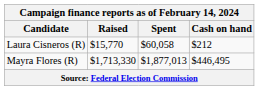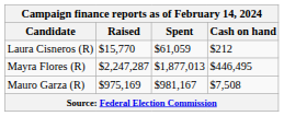 <table class="wikitable sortable">
 <tr>
 <th colspan=4>Campaign finance reports as of February 14, 2024</th>
 </tr>
 <tr style="text-align:center;">
 <th>Candidate</th>
 <th>Raised</th>
 <th>Spent</th>
 <th>Cash on hand</th>
 </tr>
 <tr>
 <td style="background-color:">Laura Cisneros (R)</td>
 <td>$15,770</td>
-<td>$60,058</td>
+<td>$61,059</td>
 <td>$212</td>
 </tr>
 <tr>
 <td style="background-color:">Mayra Flores (R)</td>
-<td>$1,713,330</td>
+<td>$2,247,287</td>
 <td>$1,877,013</td>
 <td>$446,495</td>
+</tr>
+<tr>
+<td style="background-color:">Mauro Garza (R)</td>
+<td>$975,169</td>
+<td>$981,167</td>
+<td>$7,508</td>
 </tr>
 <tr>
 <th colspan="4"><small>Source: <a href='#'>Federal Election Commission</a></small></th>
 </tr>
 </table>
